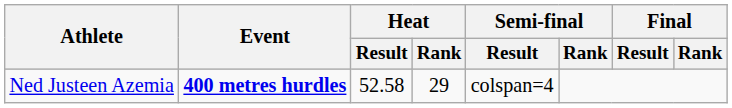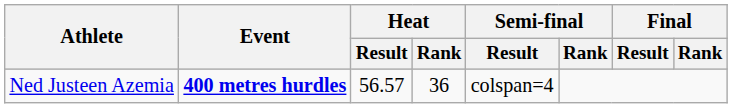 <table class="wikitable" style="font-size:90%">
 <tr>
 <th rowspan="2">Athlete</th>
 <th rowspan="2">Event</th>
 <th colspan="2">Heat</th>
 <th colspan="2">Semi-final</th>
 <th colspan="2">Final</th>
 </tr>
 <tr style="font-size:95%">
 <th>Result</th>
 <th>Rank</th>
 <th>Result</th>
 <th>Rank</th>
 <th>Result</th>
 <th>Rank</th>
 </tr>
 <tr style=text-align:center>
 <td style=text-align:left><a href='#'>Ned Justeen Azemia</a></td>
 <td style=text-align:left><strong><a href='#'>400 metres hurdles</a></strong></td>
-<td>52.58</td>
-<td>29</td>
+<td>56.57</td>
+<td>36</td>
 <td>colspan=4</td>
 </tr>
 </table>
